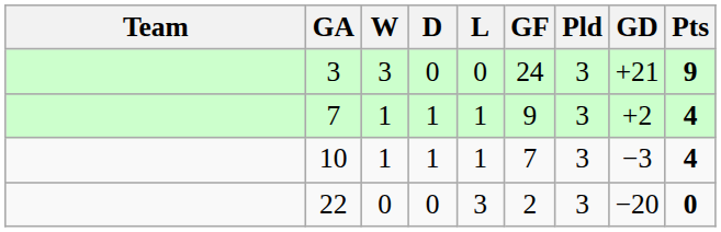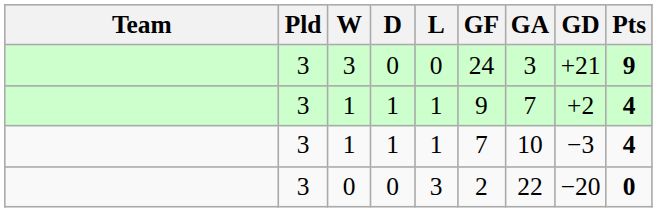 <table class="wikitable" style="text-align:center;">
 <tr>
 <th width=165>Team</th>
-<th width=20>GA</th>
+<th width=20>Pld</th>
 <th width=20>W</th>
 <th width=20>D</th>
 <th width=20>L</th>
 <th width=20>GF</th>
-<th width=20>Pld</th>
+<th width=20>GA</th>
 <th width=20>GD</th>
 <th width=20>Pts</th>
 </tr>
 <tr bgcolor=#CCFFCC>
 <td style="text-align:left;"></td>
 <td>3</td>
 <td>3</td>
 <td>0</td>
 <td>0</td>
 <td>24</td>
 <td>3</td>
 <td>+21</td>
 <td><strong>9</strong></td>
 </tr>
 <tr bgcolor=#CCFFCC>
 <td style="text-align:left;"></td>
-<td>7</td>
+<td>3</td>
 <td>1</td>
 <td>1</td>
 <td>1</td>
 <td>9</td>
-<td>3</td>
+<td>7</td>
 <td>+2</td>
 <td><strong>4</strong></td>
 </tr>
 <tr>
 <td style="text-align:left;"></td>
-<td>10</td>
+<td>3</td>
 <td>1</td>
 <td>1</td>
 <td>1</td>
 <td>7</td>
-<td>3</td>
+<td>10</td>
 <td>−3</td>
 <td><strong>4</strong></td>
 </tr>
 <tr>
 <td style="text-align:left;"></td>
-<td>22</td>
+<td>3</td>
 <td>0</td>
 <td>0</td>
 <td>3</td>
 <td>2</td>
-<td>3</td>
+<td>22</td>
 <td>−20</td>
 <td><strong>0</strong></td>
 </tr>
 </table>
